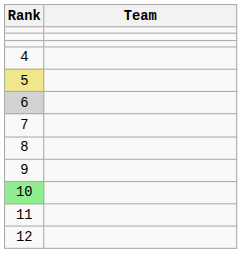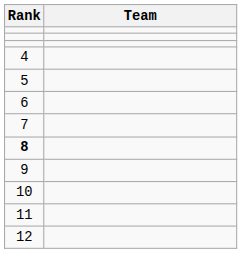 <table class="wikitable" style="text-align:center;">
 <tr>
 <th>Rank</th>
 <th width="175">Team</th>
 </tr>
 <tr>
 <td></td>
 <td align="left"></td>
 </tr>
 <tr>
 <td></td>
 <td align="left"></td>
 </tr>
 <tr>
 <td></td>
 <td align="left"></td>
 </tr>
 <tr>
 <td>4</td>
 <td align="left"></td>
 </tr>
 <tr>
-<td style="background: khaki;">5</td>
+<td>5</td>
 <td align="left"></td>
 </tr>
 <tr>
-<td style="background: lightgrey;">6</td>
+<td>6</td>
 <td align="left"></td>
 </tr>
 <tr>
 <td>7</td>
 <td align="left"></td>
 </tr>
 <tr>
-<td>8</td>
+<td><strong>8</strong></td>
 <td align="left"></td>
 </tr>
 <tr>
 <td>9</td>
 <td align="left"></td>
 </tr>
 <tr>
-<td style="background: lightgreen;">10</td>
+<td>10</td>
 <td align="left"></td>
 </tr>
 <tr>
 <td>11</td>
 <td align="left"></td>
 </tr>
 <tr>
 <td>12</td>
 <td align="left"></td>
 </tr>
 </table>
